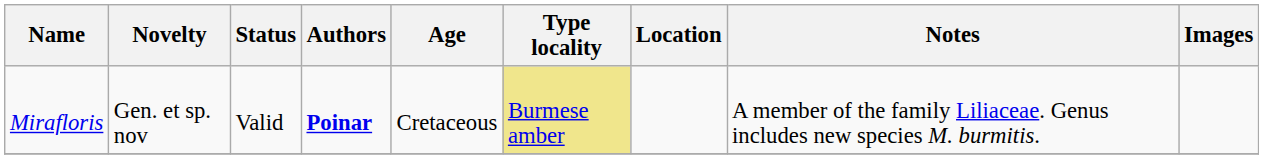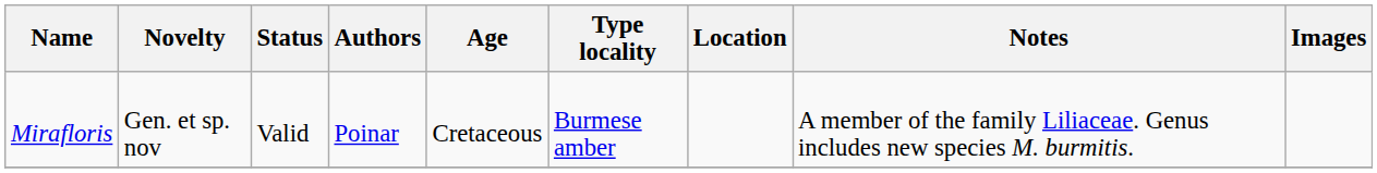 <table class="wikitable sortable" align="center" width="100%">
 <tr>
 <th>Name</th>
 <th>Novelty</th>
 <th>Status</th>
 <th>Authors</th>
 <th>Age</th>
 <th>Type locality</th>
 <th>Location</th>
 <th>Notes</th>
 <th>Images</th>
 </tr>
 <tr>
 <td><br><em><a href='#'>Mirafloris</a></em></td>
 <td><br>Gen. et sp. nov</td>
 <td><br>Valid</td>
-<td><strong><br><a href='#'>Poinar</a></strong></td>
+<td><br><a href='#'>Poinar</a></td>
 <td><br>Cretaceous</td>
-<td style="background: khaki;"><br><a href='#'>Burmese amber</a></td>
+<td><br><a href='#'>Burmese amber</a></td>
 <td><br></td>
 <td><br>A member of the family <a href='#'>Liliaceae</a>. Genus includes new species <em>M. burmitis</em>.</td>
 <td></td>
 </tr>
 <tr>
 </tr>
 </table>
